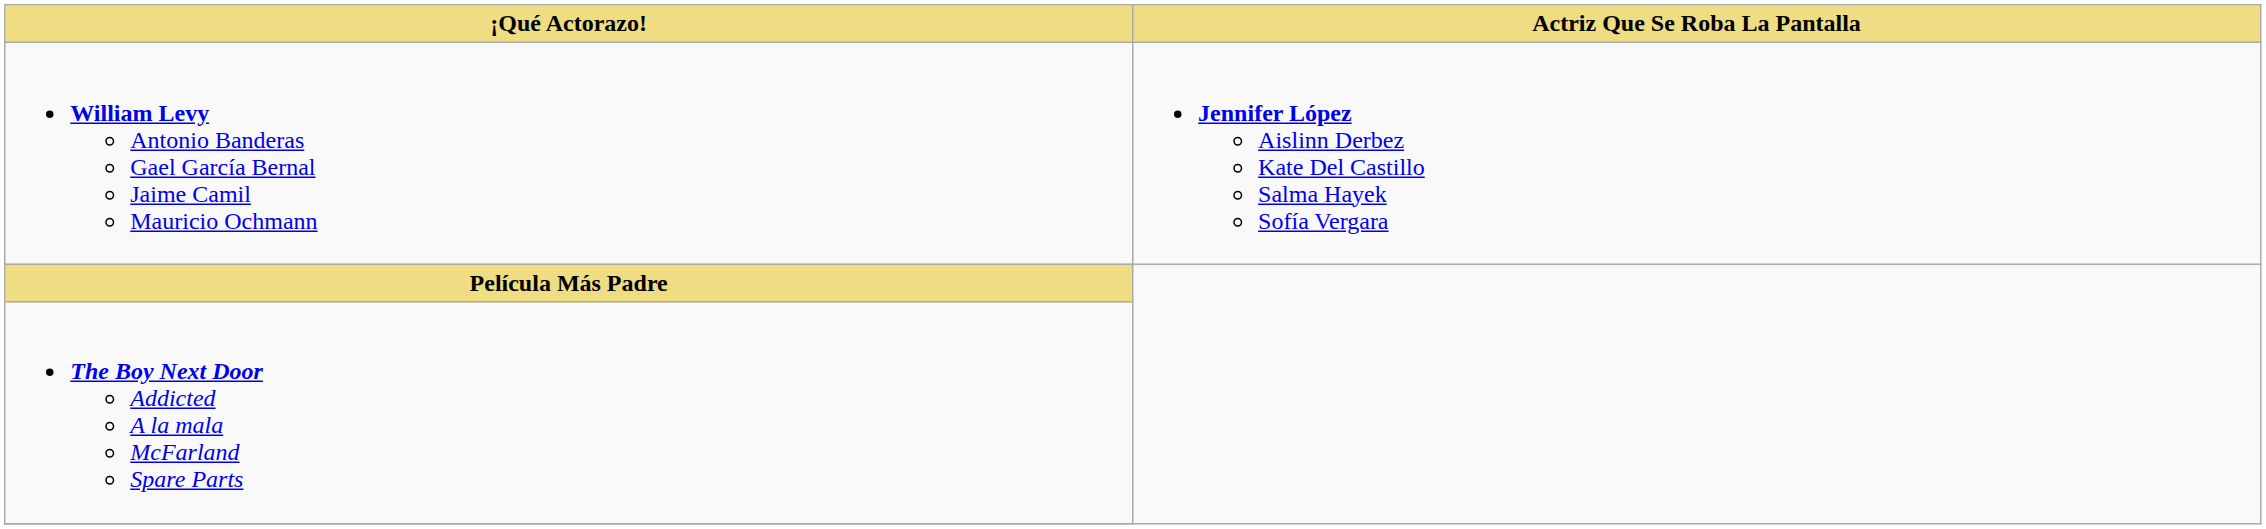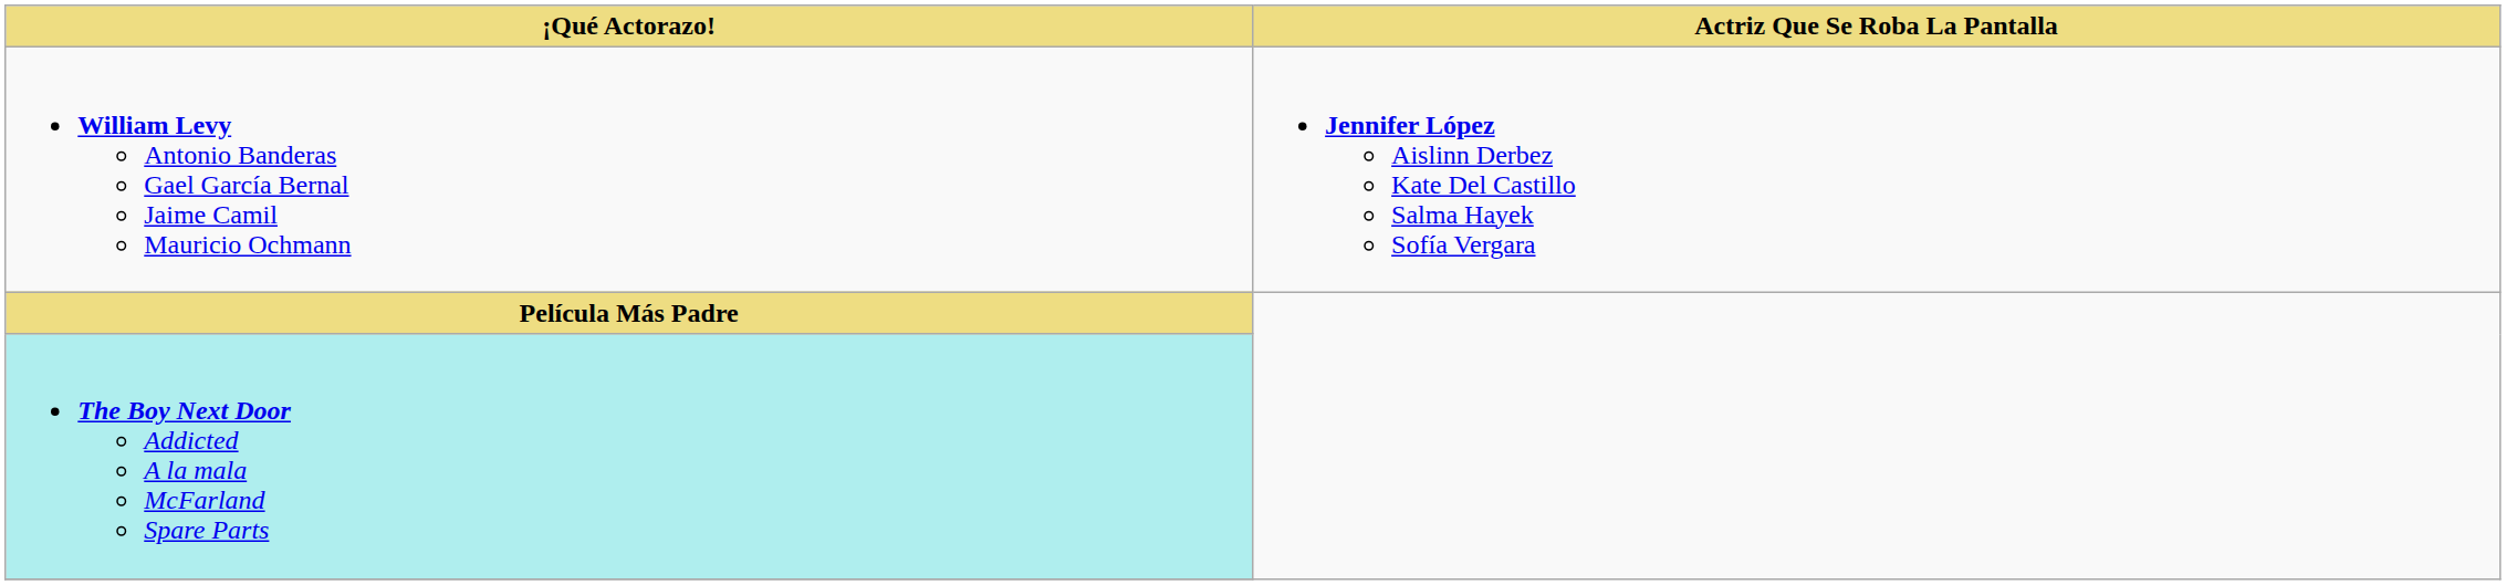 <table class=wikitable width="95%">
 <tr>
 <th style="background:#EEDD82;" ! width="50%">¡Qué Actorazo!</th>
 <th style="background:#EEDD82;" ! width="50%">Actriz Que Se Roba La Pantalla</th>
 </tr>
 <tr>
 <td valign="top"><br><ul><li><strong><a href='#'>William Levy</a></strong><ul><li><a href='#'>Antonio Banderas</a></li><li><a href='#'>Gael García Bernal</a></li><li><a href='#'>Jaime Camil</a></li><li><a href='#'>Mauricio Ochmann</a></li></ul></li></ul></td>
 <td valign="top"><br><ul><li><strong><a href='#'>Jennifer López</a></strong><ul><li><a href='#'>Aislinn Derbez</a></li><li><a href='#'>Kate Del Castillo</a></li><li><a href='#'>Salma Hayek</a></li><li><a href='#'>Sofía Vergara</a></li></ul></li></ul></td>
 </tr>
 <tr>
 <th style="background:#EEDD82;" ! width="50%">Película Más Padre</th>
 </tr>
 <tr>
-<td valign="top"><br><ul><li><strong><em><a href='#'>The Boy Next Door</a></em></strong><ul><li><em><a href='#'>Addicted</a></em></li><li><em><a href='#'>A la mala</a></em></li><li><em><a href='#'>McFarland</a></em></li><li><em><a href='#'>Spare Parts</a></em></li></ul></li></ul></td>
+<td valign="top" style="background: paleturquoise;"><br><ul><li><strong><em><a href='#'>The Boy Next Door</a></em></strong><ul><li><em><a href='#'>Addicted</a></em></li><li><em><a href='#'>A la mala</a></em></li><li><em><a href='#'>McFarland</a></em></li><li><em><a href='#'>Spare Parts</a></em></li></ul></li></ul></td>
 </tr>
 <tr>
 </tr>
 </table>
